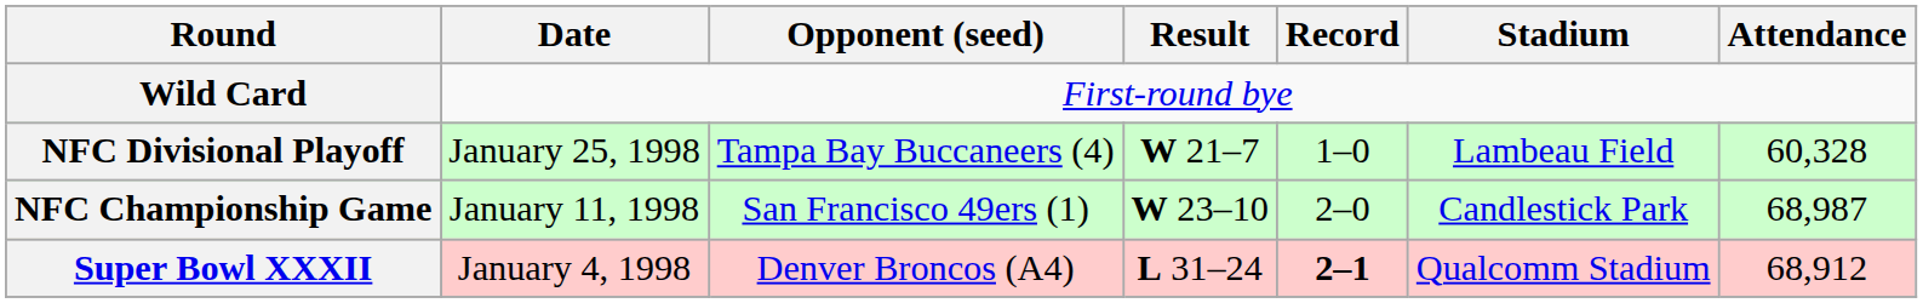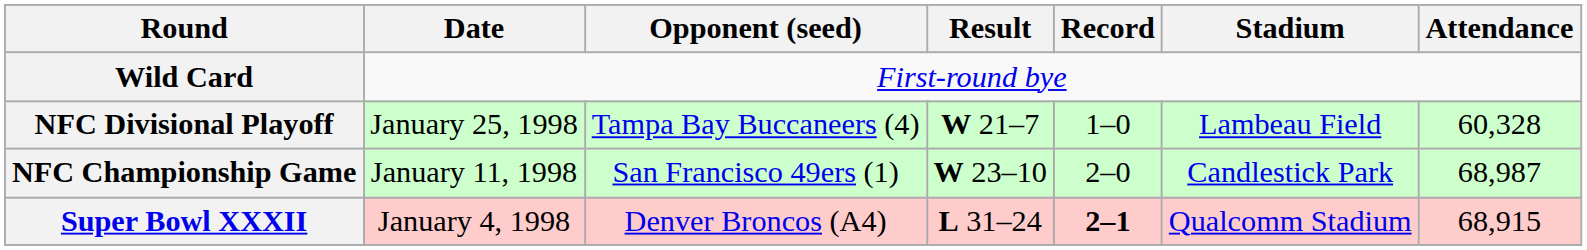 <table class="wikitable" style="text-align:center">
 <tr>
 <th>Round</th>
 <th>Date</th>
 <th>Opponent (seed)</th>
 <th>Result</th>
 <th>Record</th>
 <th>Stadium</th>
 <th>Attendance</th>
 </tr>
 <tr>
 <th>Wild Card</th>
 <td colspan="7"><em><a href='#'>First-round bye</a></em></td>
 </tr>
 <tr style="background:#cfc">
 <th>NFC Divisional Playoff</th>
 <td>January 25, 1998</td>
 <td><a href='#'>Tampa Bay Buccaneers</a> (4)</td>
 <td><strong>W</strong> 21–7</td>
 <td>1–0</td>
 <td><a href='#'>Lambeau Field</a></td>
 <td>60,328</td>
 </tr>
 <tr style="background: #cfc">
 <th>NFC Championship Game</th>
 <td>January 11, 1998</td>
 <td><a href='#'>San Francisco 49ers</a> (1)</td>
 <td><strong>W</strong> 23–10</td>
 <td>2–0</td>
 <td><a href='#'>Candlestick Park</a></td>
 <td>68,987</td>
 </tr>
 <tr style="background: #fcc">
 <th><a href='#'>Super Bowl XXXII</a></th>
 <td>January 4, 1998</td>
 <td><a href='#'>Denver Broncos</a> (A4)</td>
 <td><strong>L</strong> 31–24</td>
 <td><strong>2–1</strong></td>
 <td><a href='#'>Qualcomm Stadium</a></td>
-<td>68,912</td>
+<td>68,915</td>
 </tr>
 </table>
